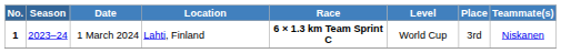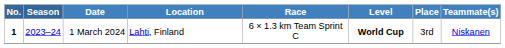 <table class="wikitable sortable" style="font-size:95%; text-align:center; border:grey solid 1px; border-collapse:collapse; background:#ffffff;">
 <tr style="background:#efefef;">
 <th style="background-color:#369; color:white;">No.</th>
 <th style="background-color:#369; color:white;">Season</th>
 <th style="background-color:#4180be; color:white; width:100px;">Date</th>
 <th style="background-color:#4180be; color:white; width:185px;">Location</th>
 <th style="background-color:#4180be; color:white; width:170px;">Race</th>
 <th style="background-color:#4180be; color:white; width:100px;">Level</th>
 <th style="background-color:#4180be; color:white;">Place</th>
 <th style="background-color:#4180be; color:white;">Teammate(s)</th>
 </tr>
 <tr>
 <td align=center><strong>1</strong></td>
 <td rowspan=1 align=center><a href='#'>2023–24</a></td>
 <td align=right>1 March 2024</td>
 <td align=left> <a href='#'>Lahti</a>, Finland</td>
-<td><strong>6 × 1.3 km Team Sprint C</strong></td>
-<td>World Cup</td>
+<td>6 × 1.3 km Team Sprint C</td>
+<td><strong>World Cup</strong></td>
 <td>3rd</td>
 <td><a href='#'>Niskanen</a></td>
 </tr>
 <tr>
 </tr>
 </table>
